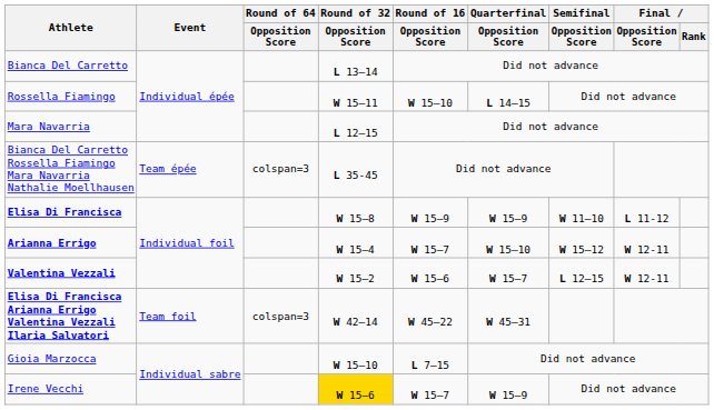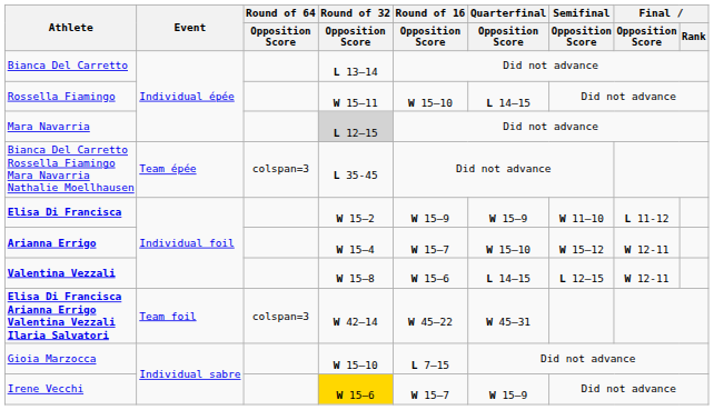 <table class="wikitable" style="font-size:90%">
 <tr>
 <th rowspan="2">Athlete</th>
 <th rowspan="2">Event</th>
 <th>Round of 64</th>
 <th>Round of 32</th>
 <th>Round of 16</th>
 <th>Quarterfinal</th>
 <th>Semifinal</th>
 <th colspan=2>Final / </th>
 </tr>
 <tr style="font-size:95%">
 <th>Opposition <br> Score</th>
 <th>Opposition <br> Score</th>
 <th>Opposition <br> Score</th>
 <th>Opposition <br> Score</th>
 <th>Opposition <br> Score</th>
 <th>Opposition <br> Score</th>
 <th>Rank</th>
 </tr>
 <tr align=center>
 <td align=left><a href='#'>Bianca Del Carretto</a></td>
 <td align=left rowspan=3><a href='#'>Individual épée</a></td>
 <td></td>
 <td><br><strong>L</strong> 13–14</td>
 <td colspan=5>Did not advance</td>
 </tr>
 <tr align=center>
 <td align=left><a href='#'>Rossella Fiamingo</a></td>
 <td></td>
 <td><br><strong>W</strong> 15–11</td>
 <td><br><strong>W</strong> 15–10</td>
 <td><br><strong>L</strong> 14–15</td>
 <td colspan=3>Did not advance</td>
 </tr>
 <tr align=center>
 <td align=left><a href='#'>Mara Navarria</a></td>
 <td></td>
-<td><br><strong>L</strong> 12–15</td>
+<td style="background: lightgrey;"><br><strong>L</strong> 12–15</td>
 <td colspan=5>Did not advance</td>
 </tr>
 <tr align=center>
 <td align=left><a href='#'>Bianca Del Carretto</a><br><a href='#'>Rossella Fiamingo</a><br><a href='#'>Mara Navarria</a><br><a href='#'>Nathalie Moellhausen</a></td>
 <td align=left><a href='#'>Team épée</a></td>
 <td>colspan=3 </td>
 <td> <br><strong>L</strong> 35-45</td>
 <td colspan=3>Did not advance</td>
 </tr>
 <tr align=center>
 <td align=left><strong><a href='#'>Elisa Di Francisca</a></strong></td>
 <td align=left rowspan=3><a href='#'>Individual foil</a></td>
 <td></td>
-<td><br><strong>W</strong> 15–8</td>
+<td><br><strong>W</strong> 15–2</td>
 <td><br><strong>W</strong> 15–9</td>
 <td><br><strong>W</strong> 15–9</td>
 <td><br><strong>W</strong> 11–10</td>
 <td><br><strong>L</strong> 11-12</td>
 <td></td>
 </tr>
 <tr align=center>
 <td align=left><strong><a href='#'>Arianna Errigo</a></strong></td>
 <td></td>
 <td><br><strong>W</strong> 15–4</td>
 <td><br><strong>W</strong> 15–7</td>
 <td><br><strong>W</strong> 15–10</td>
 <td><br><strong>W</strong> 15–12</td>
 <td><br><strong>W</strong> 12-11</td>
 <td></td>
 </tr>
 <tr align=center>
 <td align=left><strong><a href='#'>Valentina Vezzali</a></strong></td>
 <td></td>
-<td><br><strong>W</strong> 15–2</td>
+<td><br><strong>W</strong> 15–8</td>
 <td><br><strong>W</strong> 15–6</td>
-<td><br><strong>W</strong> 15–7</td>
+<td><br><strong>L</strong> 14–15</td>
 <td><br><strong>L</strong> 12–15</td>
 <td><br><strong>W</strong> 12-11</td>
 <td></td>
 </tr>
 <tr align=center>
 <td align=left><strong><a href='#'>Elisa Di Francisca</a><br><a href='#'>Arianna Errigo</a><br><a href='#'>Valentina Vezzali</a><br><a href='#'>Ilaria Salvatori</a></strong></td>
 <td align=left><a href='#'>Team foil</a></td>
 <td>colspan=3 </td>
 <td> <br><strong>W</strong> 42–14</td>
 <td> <br><strong>W</strong> 45–22</td>
 <td> <br><strong>W</strong> 45–31</td>
 <td></td>
 </tr>
 <tr align=center>
 <td align=left><a href='#'>Gioia Marzocca</a></td>
 <td align=left rowspan=2><a href='#'>Individual sabre</a></td>
 <td></td>
 <td><br><strong>W</strong> 15–10</td>
 <td><br><strong>L</strong> 7–15</td>
 <td colspan=4>Did not advance</td>
 </tr>
 <tr align=center>
 <td align=left><a href='#'>Irene Vecchi</a></td>
 <td></td>
 <td style="background: gold;"><br><strong>W</strong> 15–6</td>
 <td><br><strong>W</strong> 15–7</td>
 <td><br><strong>W</strong> 15–9</td>
 <td colspan=3>Did not advance</td>
 </tr>
 </table>
